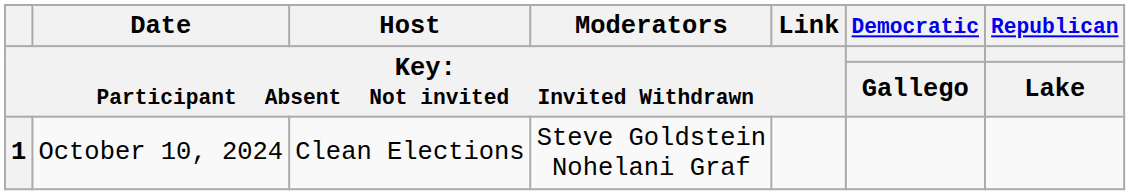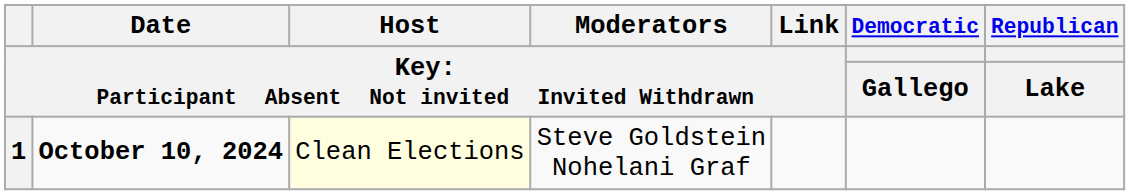 <table class="wikitable" style="text-align:center;">
 <tr>
 <th scope="col"></th>
 <th scope="col">Date</th>
 <th scope="col">Host</th>
 <th scope="col">Moderators</th>
 <th scope="col">Link</th>
 <th scope="col"><small><a href='#'>Democratic</a></small></th>
 <th scope="col"><small><a href='#'>Republican</a></small></th>
 </tr>
 <tr>
 <th colspan="5" rowspan="2">Key:<br> <small>Participant </small>  <small>Absent </small>  <small>Not invited </small>  <small>Invited  Withdrawn</small></th>
 <th scope="col" style="background:"></th>
 <th scope="col" style="background:"></th>
 </tr>
 <tr>
 <th scope="col">Gallego</th>
 <th scope="col">Lake</th>
 </tr>
 <tr>
 <th>1</th>
-<td style="white-space:nowrap;">October 10, 2024</td>
-<td style="white-space:nowrap;">Clean Elections</td>
+<td style="white-space:nowrap;"><strong>October 10, 2024</strong></td>
+<td style="background: lightyellow; white-space:nowrap;">Clean Elections</td>
 <td style="white-space:nowrap;">Steve Goldstein<br>Nohelani Graf</td>
 <td style="white-space:nowrap;"></td>
 <td></td>
 <td></td>
 </tr>
 </table>
